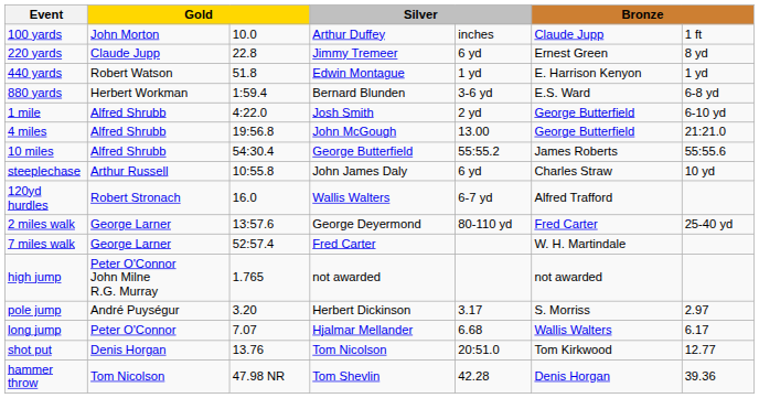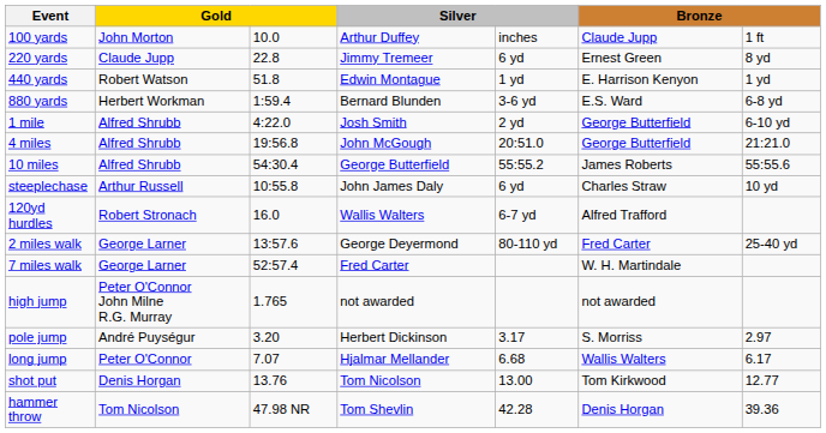 <table class="wikitable" style="text-align:left">
 <tr>
 <th width=100>Event</th>
 <th colspan="2" width="280" style="background:gold;">Gold</th>
 <th colspan="2" width="280" style="background:silver;">Silver</th>
 <th colspan="2" width="280" style="background:#CD7F32;">Bronze</th>
 </tr>
 <tr>
 <td><a href='#'>100 yards</a></td>
 <td><a href='#'>John Morton</a></td>
 <td>10.0</td>
 <td> <a href='#'>Arthur Duffey</a></td>
 <td>inches</td>
 <td><a href='#'>Claude Jupp</a></td>
 <td>1 ft</td>
 </tr>
 <tr>
 <td><a href='#'>220 yards</a></td>
 <td><a href='#'>Claude Jupp</a></td>
 <td>22.8</td>
 <td><a href='#'>Jimmy Tremeer</a></td>
 <td>6 yd</td>
 <td>Ernest Green</td>
 <td>8 yd</td>
 </tr>
 <tr>
 <td><a href='#'>440 yards</a></td>
 <td> Robert Watson</td>
 <td>51.8</td>
 <td><a href='#'>Edwin Montague</a></td>
 <td>1 yd</td>
 <td>E. Harrison Kenyon</td>
 <td>1 yd</td>
 </tr>
 <tr>
 <td><a href='#'>880 yards</a></td>
 <td>Herbert Workman</td>
 <td>1:59.4</td>
 <td>Bernard Blunden</td>
 <td>3-6 yd</td>
 <td>E.S. Ward</td>
 <td>6-8 yd</td>
 </tr>
 <tr>
 <td><a href='#'>1 mile</a></td>
 <td><a href='#'>Alfred Shrubb</a></td>
 <td>4:22.0</td>
 <td><a href='#'>Josh Smith</a></td>
 <td>2 yd</td>
 <td><a href='#'>George Butterfield</a></td>
 <td>6-10 yd</td>
 </tr>
 <tr>
 <td><a href='#'>4 miles</a></td>
 <td><a href='#'>Alfred Shrubb</a></td>
 <td>19:56.8</td>
 <td> <a href='#'>John McGough</a></td>
-<td>13.00</td>
+<td>20:51.0</td>
 <td><a href='#'>George Butterfield</a></td>
 <td>21:21.0</td>
 </tr>
 <tr>
 <td><a href='#'>10 miles</a></td>
 <td><a href='#'>Alfred Shrubb</a></td>
 <td>54:30.4</td>
 <td><a href='#'>George Butterfield</a></td>
 <td>55:55.2</td>
 <td>James Roberts</td>
 <td>55:55.6</td>
 </tr>
 <tr>
 <td><a href='#'>steeplechase</a></td>
 <td><a href='#'>Arthur Russell</a></td>
 <td>10:55.8</td>
 <td> John James Daly</td>
 <td>6 yd</td>
 <td>Charles Straw</td>
 <td>10 yd</td>
 </tr>
 <tr>
 <td><a href='#'>120yd hurdles</a></td>
 <td> <a href='#'>Robert Stronach</a></td>
 <td>16.0</td>
 <td> <a href='#'>Wallis Walters</a></td>
 <td>6-7 yd</td>
 <td>Alfred Trafford</td>
 <td></td>
 </tr>
 <tr>
 <td><a href='#'>2 miles walk</a></td>
 <td><a href='#'>George Larner</a></td>
 <td>13:57.6</td>
 <td> George Deyermond</td>
 <td>80-110 yd</td>
 <td><a href='#'>Fred Carter</a></td>
 <td>25-40 yd</td>
 </tr>
 <tr>
 <td><a href='#'>7 miles walk</a></td>
 <td><a href='#'>George Larner</a></td>
 <td>52:57.4</td>
 <td><a href='#'>Fred Carter</a></td>
 <td></td>
 <td>W. H. Martindale</td>
 <td></td>
 </tr>
 <tr>
 <td><a href='#'>high jump</a></td>
 <td> <a href='#'>Peter O'Connor</a>  <br> John Milne<br> R.G. Murray</td>
 <td>1.765</td>
 <td>not awarded</td>
 <td></td>
 <td>not awarded</td>
 <td></td>
 </tr>
 <tr>
 <td><a href='#'>pole jump</a></td>
 <td> André Puységur</td>
 <td>3.20</td>
 <td>Herbert Dickinson</td>
 <td>3.17</td>
 <td> S. Morriss</td>
 <td>2.97</td>
 </tr>
 <tr>
 <td><a href='#'>long jump</a></td>
 <td> <a href='#'>Peter O'Connor</a></td>
 <td>7.07</td>
 <td> <a href='#'>Hjalmar Mellander</a></td>
 <td>6.68</td>
 <td> <a href='#'>Wallis Walters</a></td>
 <td>6.17</td>
 </tr>
 <tr>
 <td><a href='#'>shot put</a></td>
 <td> <a href='#'>Denis Horgan</a></td>
 <td>13.76</td>
 <td> <a href='#'>Tom Nicolson</a></td>
-<td>20:51.0</td>
+<td>13.00</td>
 <td> Tom Kirkwood</td>
 <td>12.77</td>
 </tr>
 <tr>
 <td><a href='#'>hammer throw</a></td>
 <td> <a href='#'>Tom Nicolson</a></td>
 <td>47.98 NR</td>
 <td> <a href='#'>Tom Shevlin</a></td>
 <td>42.28</td>
 <td> <a href='#'>Denis Horgan</a></td>
 <td>39.36</td>
 </tr>
 </table>
